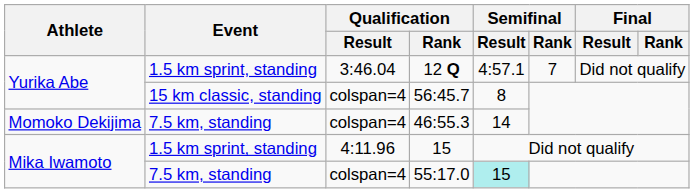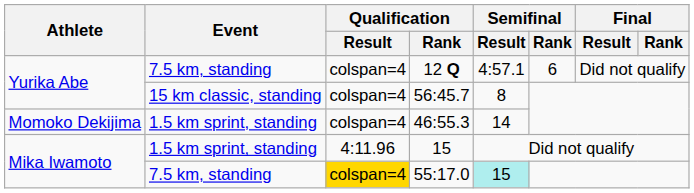 <table class="wikitable" style="font-size:90%">
 <tr>
 <th rowspan=2>Athlete</th>
 <th rowspan=2>Event</th>
 <th colspan=2>Qualification</th>
 <th colspan=2>Semifinal</th>
 <th colspan=2>Final</th>
 </tr>
 <tr style="font-size:95%">
 <th>Result</th>
 <th>Rank</th>
 <th>Result</th>
 <th>Rank</th>
 <th>Result</th>
 <th>Rank</th>
 </tr>
 <tr align=center>
 <td style="text-align:left;" rowspan="2"><a href='#'>Yurika Abe</a></td>
-<td align=left><a href='#'>1.5 km sprint, standing</a></td>
-<td>3:46.04</td>
+<td align=left><a href='#'>7.5 km, standing</a></td>
+<td>colspan=4 </td>
 <td>12 <strong>Q</strong></td>
 <td>4:57.1</td>
-<td>7</td>
+<td>6</td>
 <td colspan=2>Did not qualify</td>
 </tr>
 <tr align=center>
 <td align=left><a href='#'>15 km classic, standing</a></td>
 <td>colspan=4 </td>
 <td>56:45.7</td>
 <td>8</td>
 </tr>
 <tr align=center>
 <td style="text-align:left;" rowspan="1"><a href='#'>Momoko Dekijima</a></td>
-<td align=left><a href='#'>7.5 km, standing</a></td>
+<td align=left><a href='#'>1.5 km sprint, standing</a></td>
 <td>colspan=4 </td>
 <td>46:55.3</td>
 <td>14</td>
 </tr>
 <tr align=center>
 <td style="text-align:left;" rowspan="2"><a href='#'>Mika Iwamoto</a></td>
 <td align=left><a href='#'>1.5 km sprint, standing</a></td>
 <td>4:11.96</td>
 <td>15</td>
 <td colspan=4>Did not qualify</td>
 </tr>
 <tr align=center>
 <td align=left><a href='#'>7.5 km, standing</a></td>
-<td>colspan=4 </td>
+<td style="background: gold;">colspan=4 </td>
 <td>55:17.0</td>
 <td style="background: paleturquoise;">15</td>
 </tr>
 </table>
